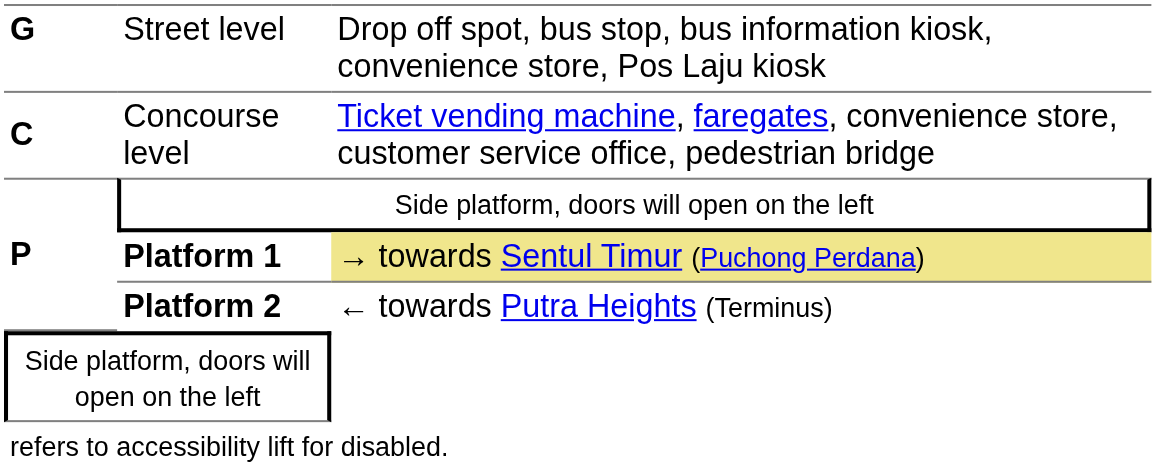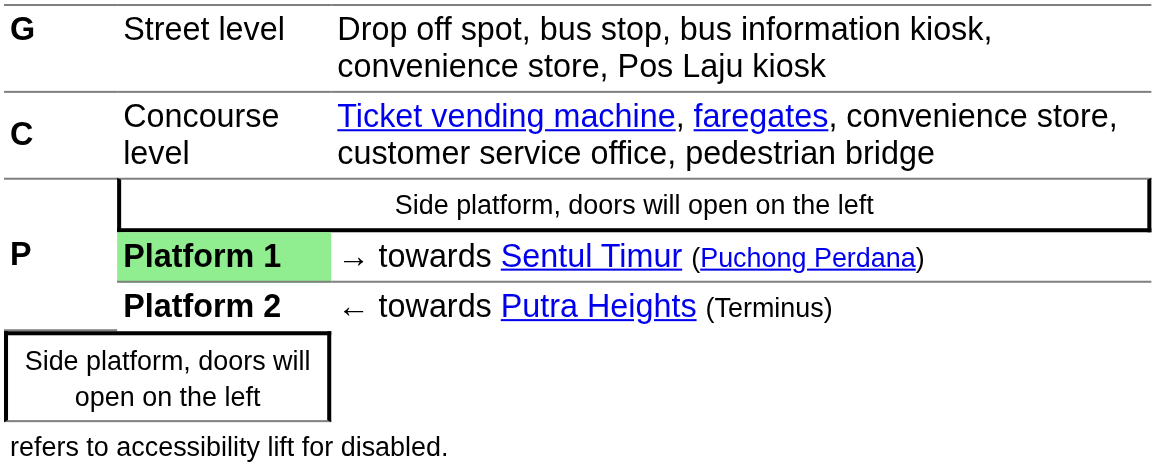 <table border="0" cellspacing="0" cellpadding="3" table>
 <tr>
 <td style="width:50px; border-top:solid 1px gray; border-bottom:solid 1px gray; vertical-align:top;"><strong>G</strong></td>
 <td style="width:100px; border-top:solid 1px gray;border-bottom:solid 1px gray; vertical-align:top;">Street level</td>
 <td style="width:400px; border-top:solid 1px gray;border-bottom:solid 1px gray; vertical-align:top;">Drop off spot, bus stop, bus information kiosk, convenience store, Pos Laju kiosk </td>
 </tr>
 <tr>
 <td><strong>C</strong></td>
 <td>Concourse level</td>
 <td><a href='#'>Ticket vending machine</a>,  <a href='#'>faregates</a>, convenience store, customer service office, pedestrian bridge </td>
 </tr>
 <tr>
 <td rowspan="4" style="border-top:solid 1px grey;border-bottom:solid 1px grey;"><strong>P</strong></td>
 <td colspan="2" style="border-top:solid 1px grey; border-right:solid 2px black; border-left:solid 2px black; border-bottom:solid 2px black; text-align:center;"><small>Side platform, doors will open on the left </small></td>
 </tr>
 <tr>
-<td style="border-bottom:solid 1px gray;color:#"><strong>Platform 1</strong></td>
-<td style="background: khaki; border-bottom:solid 1px grey;"><strong>→</strong>     towards <a href='#'>Sentul Timur</a> <small>(<a href='#'>Puchong Perdana</a>)</small></td>
+<td style="background: lightgreen; border-bottom:solid 1px gray;color:#"><strong>Platform 1</strong></td>
+<td style="border-bottom:solid 1px grey;"><strong>→</strong>     towards <a href='#'>Sentul Timur</a> <small>(<a href='#'>Puchong Perdana</a>)</small></td>
 </tr>
 <tr>
 <td style="color:#"><strong>Platform 2</strong></td>
 <td><strong>←</strong>    towards <a href='#'>Putra Heights</a> <small>(Terminus)</small></td>
 </tr>
 <tr>
 </tr>
 <tr>
 </tr>
 <tr>
 <td colspan="2" style="border-top:solid 2px black; border-right:solid 2px black; border-left:solid 2px black; border-bottom:solid 1px grey; text-align:center;"><small>Side platform, doors will open on the left </small></td>
 </tr>
 <tr>
 <td colspan="3"><small> refers to accessibility lift for disabled.</small></td>
 </tr>
 </table>
